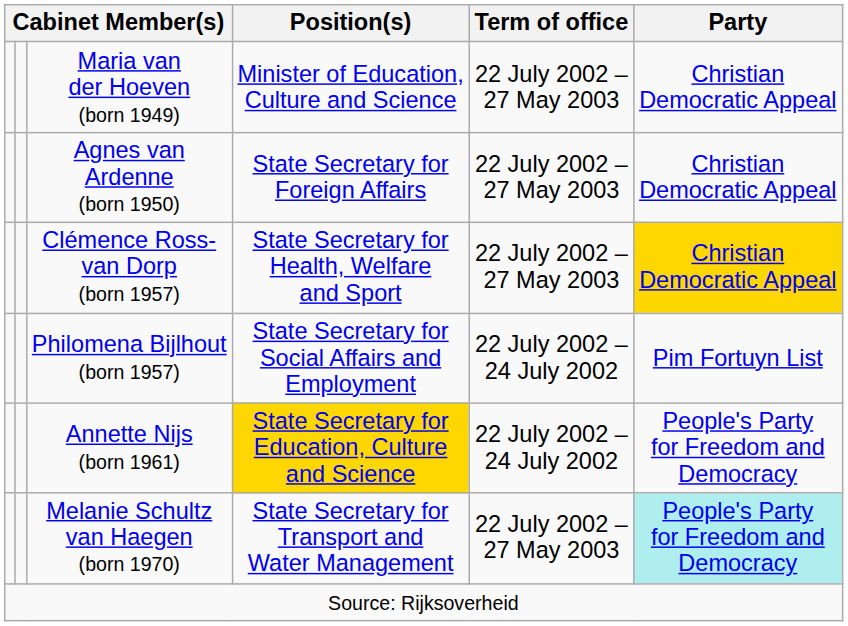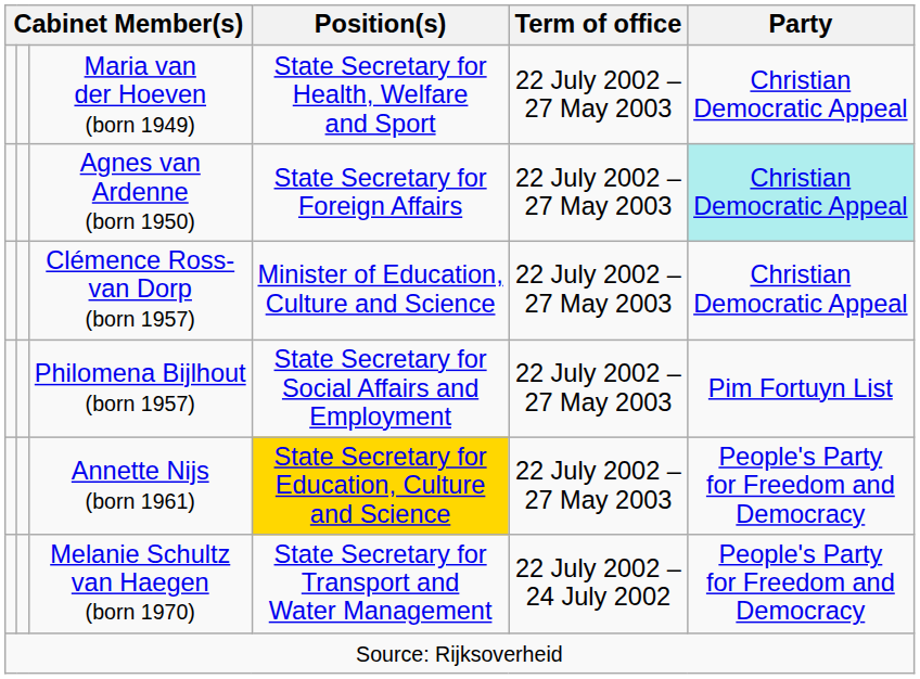 <table class="wikitable" style="text-align:center">
 <tr>
 <th colspan=3>Cabinet Member(s)</th>
 <th>Position(s)</th>
 <th>Term of office</th>
 <th>Party</th>
 </tr>
 <tr>
 <td style="background:"></td>
 <td></td>
 <td><a href='#'>Maria van <br> der Hoeven</a> <br> <small>(born 1949)</small></td>
-<td><a href='#'>Minister of Education, <br> Culture and Science</a></td>
+<td><a href='#'>State Secretary for <br> Health, Welfare <br> and Sport</a></td>
 <td>22 July 2002 – <br> 27 May 2003</td>
 <td><a href='#'>Christian <br> Democratic Appeal</a></td>
 </tr>
 <tr>
 <td style="background:"></td>
 <td></td>
 <td><a href='#'>Agnes van <br> Ardenne</a> <br> <small>(born 1950)</small></td>
 <td><a href='#'>State Secretary for <br> Foreign Affairs</a></td>
 <td>22 July 2002 – <br> 27 May 2003</td>
-<td><a href='#'>Christian <br> Democratic Appeal</a></td>
+<td style="background: paleturquoise;"><a href='#'>Christian <br> Democratic Appeal</a></td>
 </tr>
 <tr>
 <td style="background:"></td>
 <td></td>
 <td><a href='#'>Clémence Ross-<br>van Dorp</a> <br> <small>(born 1957)</small></td>
-<td><a href='#'>State Secretary for <br> Health, Welfare <br> and Sport</a></td>
+<td><a href='#'>Minister of Education, <br> Culture and Science</a></td>
 <td>22 July 2002 – <br> 27 May 2003</td>
-<td style="background: gold;"><a href='#'>Christian <br> Democratic Appeal</a></td>
+<td><a href='#'>Christian <br> Democratic Appeal</a></td>
 </tr>
 <tr>
 <td style="background:"></td>
 <td></td>
 <td><a href='#'>Philomena Bijlhout</a> <br> <small>(born 1957)</small></td>
 <td><a href='#'>State Secretary for <br> Social Affairs and <br> Employment</a></td>
-<td>22 July 2002 – <br> 24 July 2002</td>
+<td>22 July 2002 – <br> 27 May 2003</td>
 <td><a href='#'>Pim Fortuyn List</a></td>
 </tr>
 <tr>
 <td style="background:"></td>
 <td></td>
 <td><a href='#'>Annette Nijs</a> <br> <small>(born 1961)</small></td>
 <td style="background: gold;"><a href='#'>State Secretary for <br> Education, Culture <br> and Science</a></td>
-<td>22 July 2002 – <br> 24 July 2002</td>
+<td>22 July 2002 – <br> 27 May 2003</td>
 <td><a href='#'>People's Party <br> for Freedom and <br> Democracy</a></td>
 </tr>
 <tr>
 <td style="background:"></td>
 <td></td>
 <td><a href='#'>Melanie Schultz <br> van Haegen</a> <br> <small>(born 1970)</small></td>
 <td><a href='#'>State Secretary for <br> Transport and <br> Water Management</a></td>
-<td>22 July 2002 – <br> 27 May 2003</td>
-<td style="background: paleturquoise;"><a href='#'>People's Party <br> for Freedom and <br> Democracy</a></td>
+<td>22 July 2002 – <br> 24 July 2002</td>
+<td><a href='#'>People's Party <br> for Freedom and <br> Democracy</a></td>
 </tr>
 <tr>
 <td colspan=9><small>Source:   Rijksoverheid</small></td>
 </tr>
 </table>
